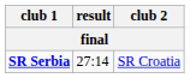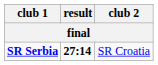 <table class="wikitable">
 <tr>
 <th>club 1</th>
 <th>result</th>
 <th>club 2</th>
 </tr>
 <tr>
 <th colspan="3">final</th>
 </tr>
 <tr>
 <td><strong><a href='#'>SR Serbia</a></strong></td>
-<td>27:14</td>
+<td><strong>27:14</strong></td>
 <td><a href='#'>SR Croatia</a></td>
 </tr>
 </table>
